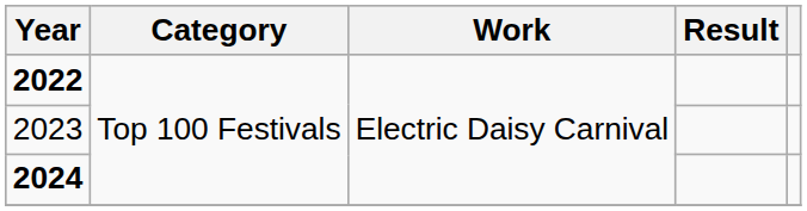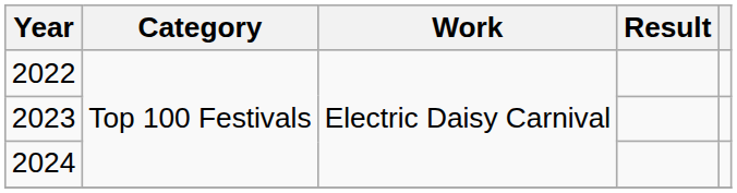 <table class="wikitable">
 <tr>
 <th>Year</th>
 <th>Category</th>
 <th>Work</th>
 <th>Result</th>
 <th></th>
 </tr>
 <tr>
-<td><strong>2022</strong></td>
+<td>2022</td>
 <td rowspan="3">Top 100 Festivals</td>
 <td rowspan="3">Electric Daisy Carnival</td>
 <td></td>
 <td></td>
 </tr>
 <tr>
 <td>2023</td>
 <td></td>
 <td></td>
 </tr>
 <tr>
-<td><strong>2024</strong></td>
+<td>2024</td>
 <td></td>
 <td></td>
 </tr>
 <tr>
 </tr>
 </table>
